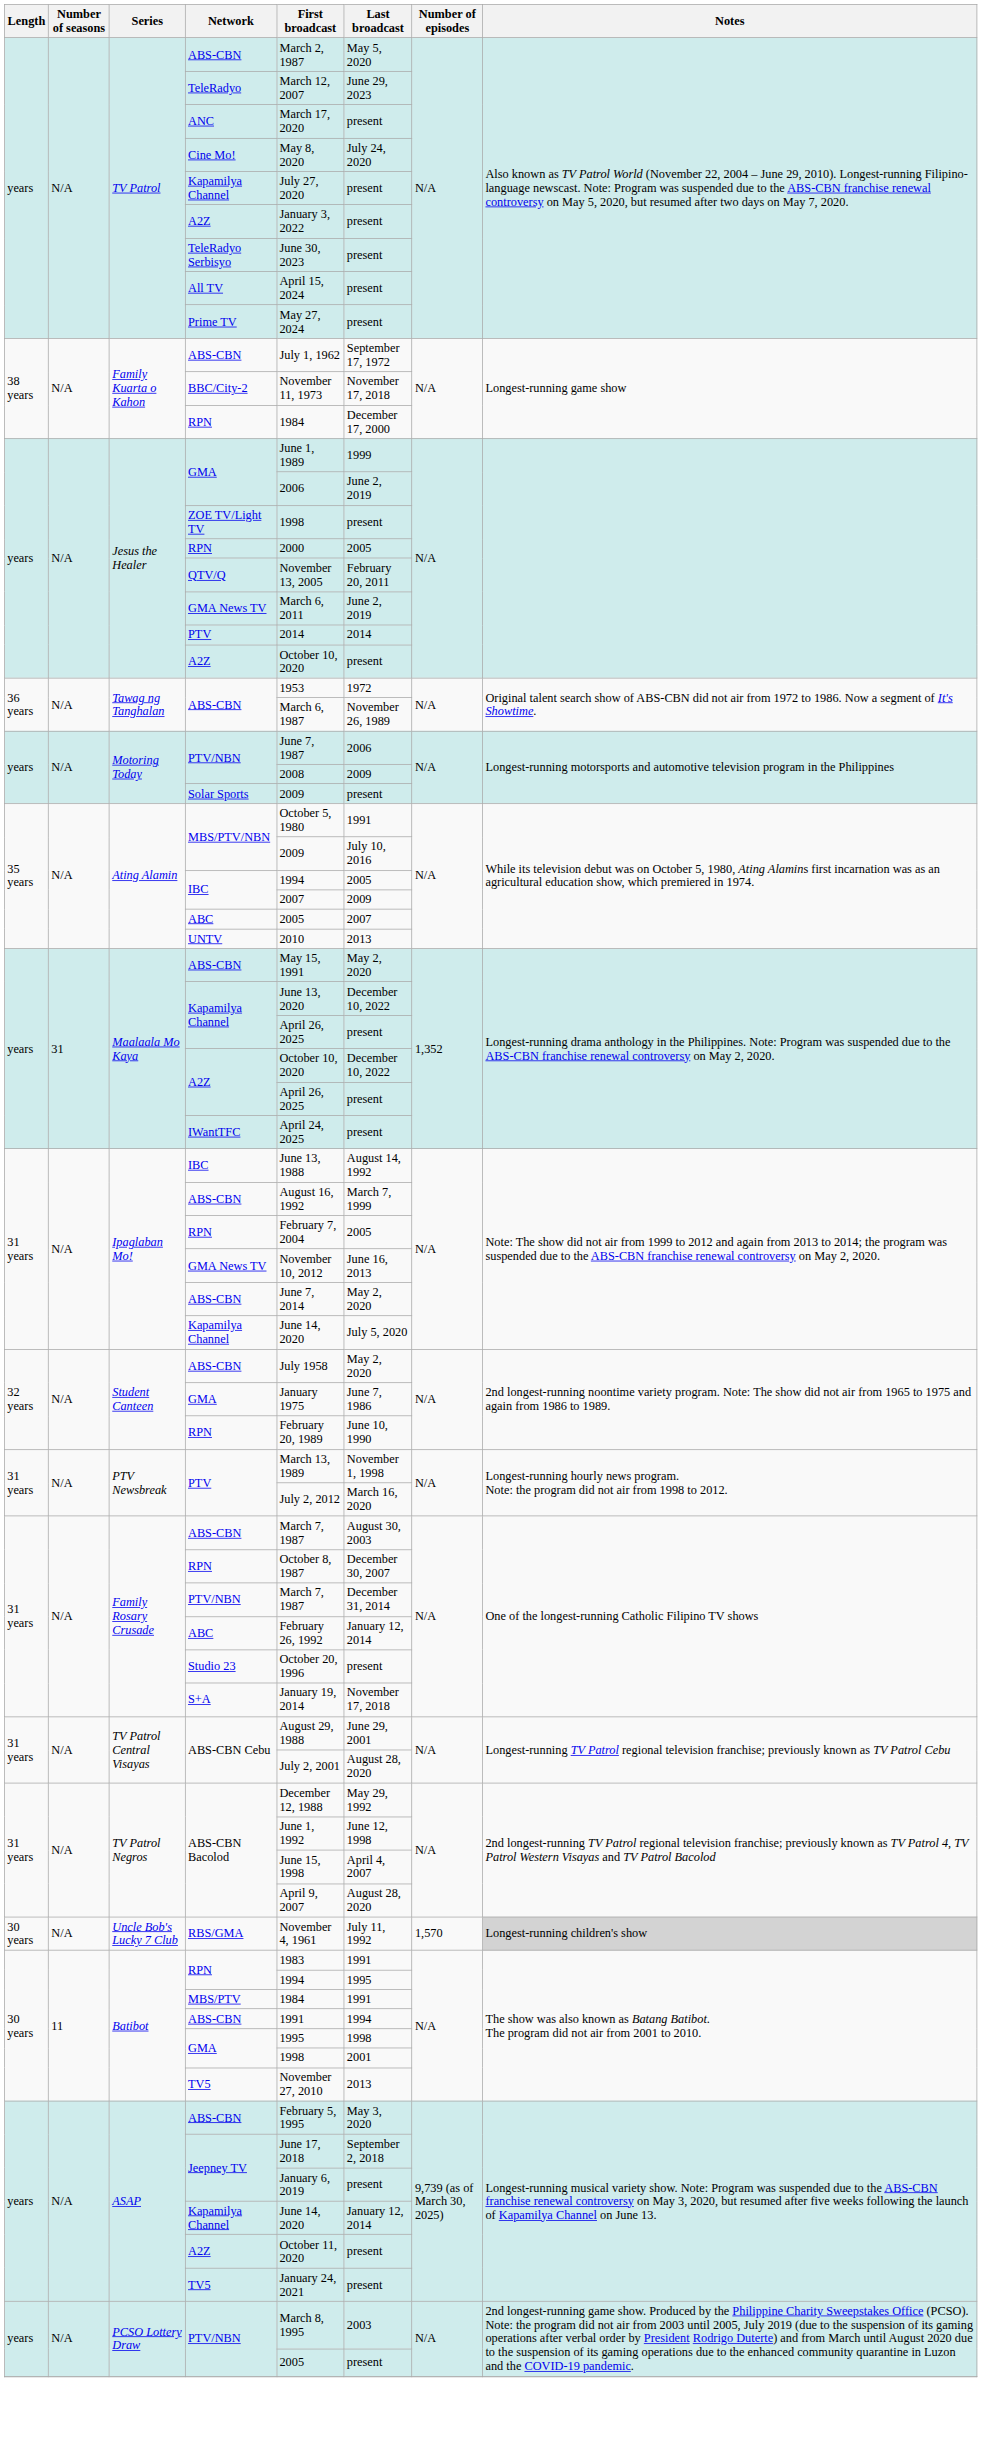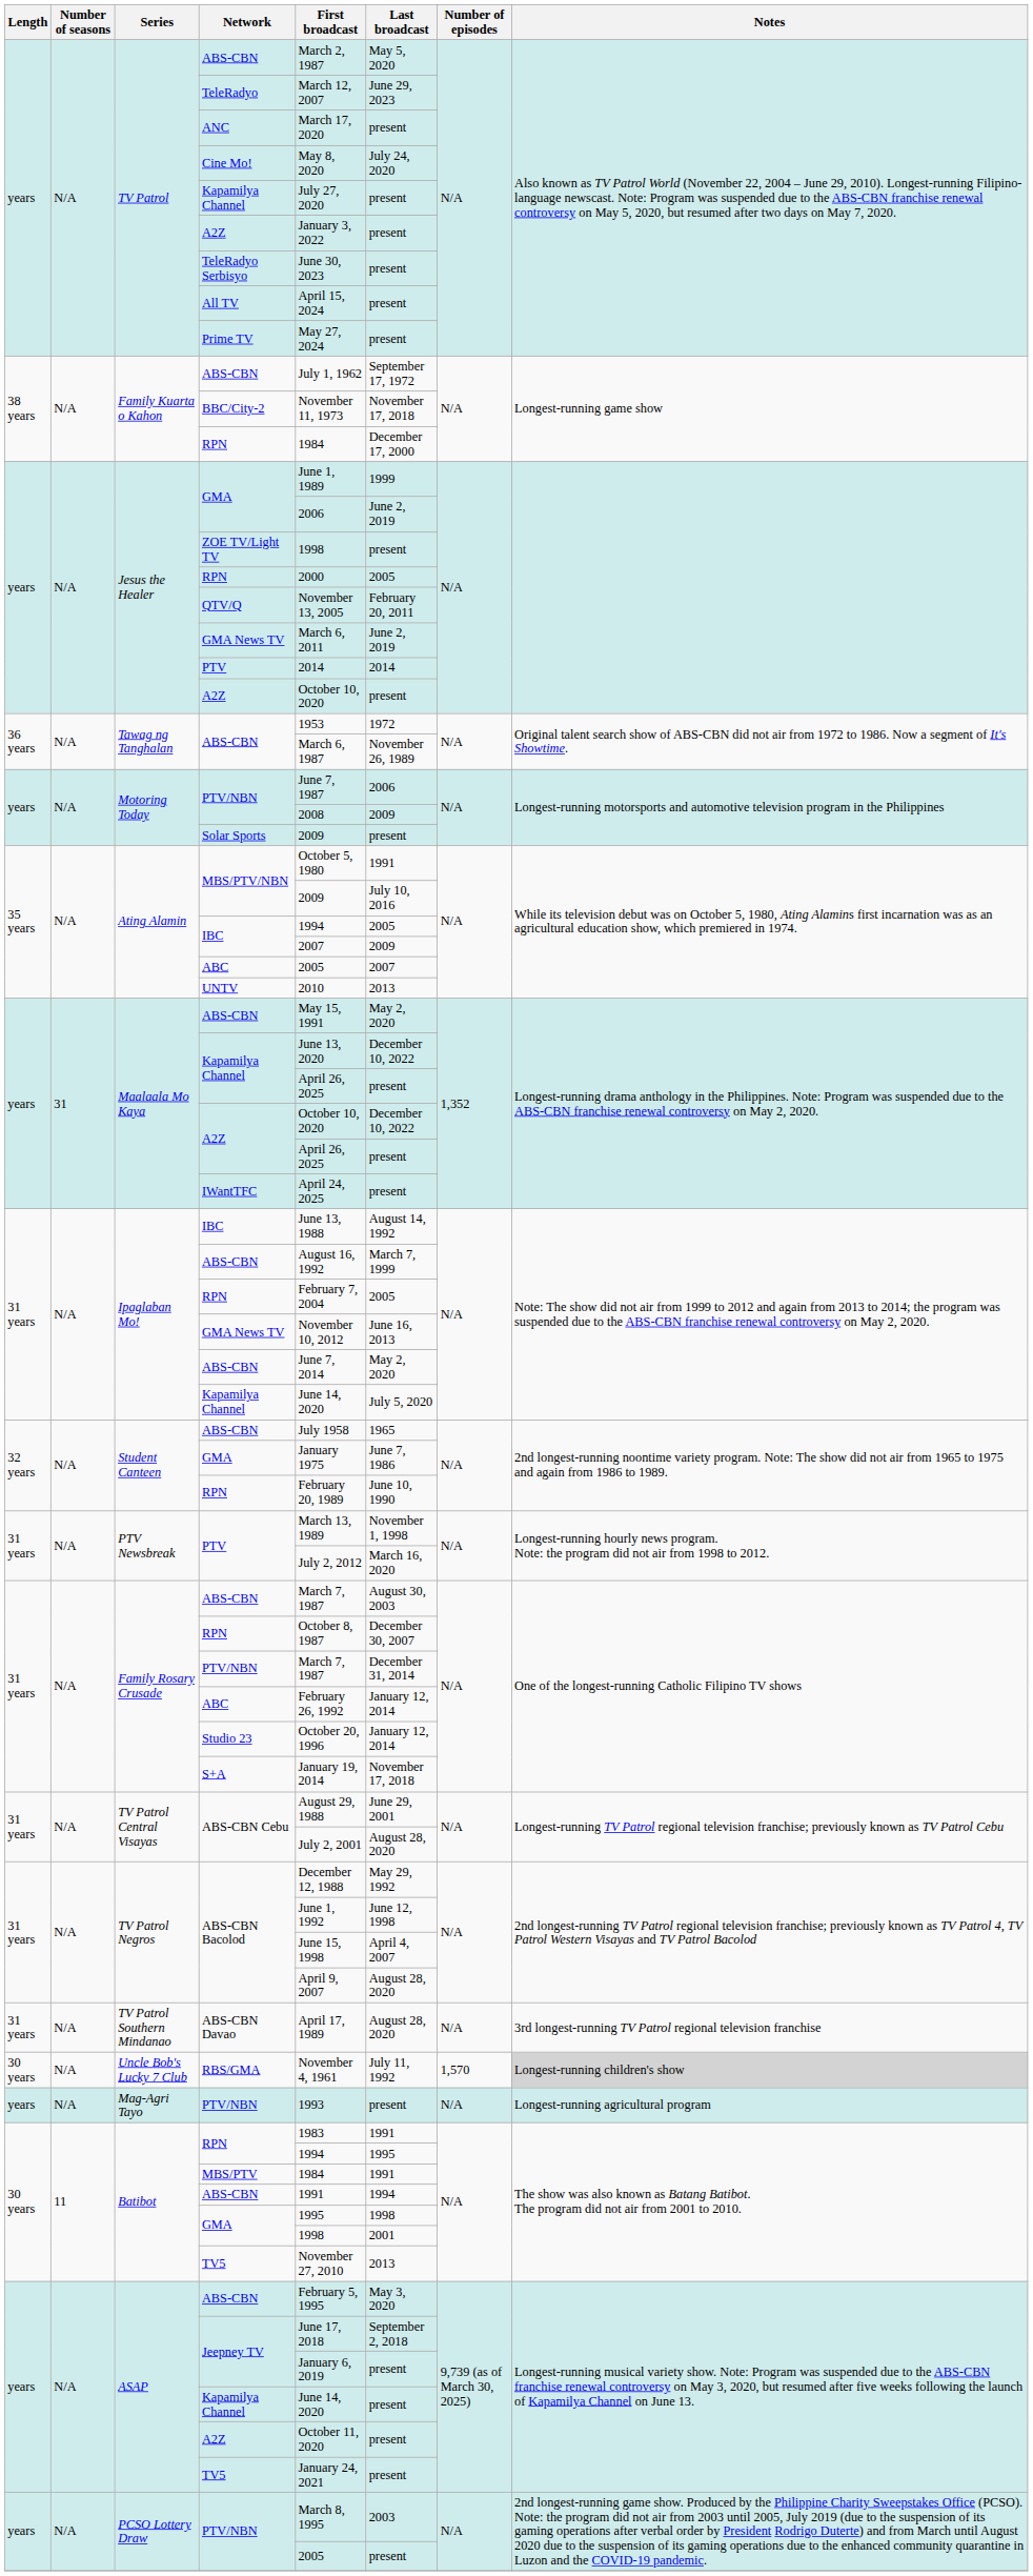 <table class="wikitable sortable" width="100%">
 <tr>
 <th>Length</th>
 <th>Number of seasons</th>
 <th>Series</th>
 <th>Network</th>
 <th>First broadcast</th>
 <th>Last broadcast</th>
 <th>Number of episodes</th>
 <th class="unsortable">Notes</th>
 </tr>
 <tr bgcolor="#cfecec">
 <td rowspan="9"> years</td>
 <td rowspan="9">N/A</td>
 <td rowspan="9"><em><a href='#'>TV Patrol</a></em></td>
 <td><a href='#'>ABS-CBN</a></td>
 <td>March 2, 1987</td>
 <td>May 5, 2020</td>
 <td rowspan="9">N/A</td>
 <td rowspan="9">Also known as <em>TV Patrol World</em> (November 22, 2004 – June 29, 2010). Longest-running Filipino-language newscast. Note: Program was suspended due to the <a href='#'>ABS-CBN franchise renewal controversy</a> on May 5, 2020, but resumed after two days on May 7, 2020.</td>
 </tr>
 <tr bgcolor="#cfecec">
 <td><a href='#'>TeleRadyo</a></td>
 <td>March 12, 2007</td>
 <td>June 29, 2023</td>
 </tr>
 <tr bgcolor="#cfecec">
 <td><a href='#'>ANC</a></td>
 <td>March 17, 2020</td>
 <td>present</td>
 </tr>
 <tr bgcolor="#cfecec">
 <td><a href='#'>Cine Mo!</a></td>
 <td>May 8, 2020</td>
 <td>July 24, 2020</td>
 </tr>
 <tr bgcolor="#cfecec">
 <td><a href='#'>Kapamilya Channel</a></td>
 <td>July 27, 2020</td>
 <td>present</td>
 </tr>
 <tr bgcolor="#cfecec">
 <td><a href='#'>A2Z</a></td>
 <td>January 3, 2022</td>
 <td>present</td>
 </tr>
 <tr bgcolor="#cfecec">
 <td><a href='#'>TeleRadyo Serbisyo</a></td>
 <td>June 30, 2023</td>
 <td>present</td>
 </tr>
 <tr bgcolor="cfecec">
 <td><a href='#'>All TV</a></td>
 <td>April 15, 2024</td>
 <td>present</td>
 </tr>
 <tr bgcolor="#cfecec">
 <td><a href='#'>Prime TV</a></td>
 <td>May 27, 2024</td>
 <td>present</td>
 </tr>
 <tr>
 <td rowspan="3">38 years</td>
 <td rowspan="3">N/A</td>
 <td rowspan="3"><em><a href='#'>Family Kuarta o Kahon</a></em></td>
 <td><a href='#'>ABS-CBN</a></td>
 <td>July 1, 1962</td>
 <td>September 17, 1972</td>
 <td rowspan="3">N/A</td>
 <td rowspan="3">Longest-running game show</td>
 </tr>
 <tr>
 <td><a href='#'>BBC/City-2</a></td>
 <td>November 11, 1973</td>
 <td>November 17, 2018</td>
 </tr>
 <tr>
 <td><a href='#'>RPN</a></td>
 <td>1984</td>
 <td>December 17, 2000</td>
 </tr>
 <tr bgcolor="#cfecec">
 <td rowspan="8"> years</td>
 <td rowspan="8">N/A</td>
 <td rowspan="8"><em>Jesus the Healer</em></td>
 <td rowspan="2"><a href='#'>GMA</a></td>
 <td>June 1, 1989</td>
 <td>1999</td>
 <td rowspan="8">N/A</td>
 <td rowspan="8"></td>
 </tr>
 <tr bgcolor="#cfecec">
 <td>2006</td>
 <td>June 2, 2019</td>
 </tr>
 <tr bgcolor="#cfecec">
 <td><a href='#'>ZOE TV/Light TV</a></td>
 <td>1998</td>
 <td>present</td>
 </tr>
 <tr bgcolor="#cfecec">
 <td><a href='#'>RPN</a></td>
 <td>2000</td>
 <td>2005</td>
 </tr>
 <tr bgcolor="#cfecec">
 <td><a href='#'>QTV/Q</a></td>
 <td>November 13, 2005</td>
 <td>February 20, 2011</td>
 </tr>
 <tr bgcolor="#cfecec">
 <td><a href='#'>GMA News TV</a></td>
 <td>March 6, 2011</td>
 <td>June 2, 2019</td>
 </tr>
 <tr bgcolor="#cfecec">
 <td><a href='#'>PTV</a></td>
 <td>2014</td>
 <td>2014</td>
 </tr>
 <tr bgcolor="#cfecec">
 <td><a href='#'>A2Z</a></td>
 <td>October 10, 2020</td>
 <td>present</td>
 </tr>
 <tr>
 <td rowspan="2">36 years</td>
 <td rowspan="2">N/A</td>
 <td rowspan="2"><em><a href='#'>Tawag ng Tanghalan</a></em></td>
 <td rowspan="2"><a href='#'>ABS-CBN</a></td>
 <td>1953</td>
 <td>1972</td>
 <td rowspan="2">N/A</td>
 <td rowspan="2">Original talent search show of ABS-CBN did not air from 1972 to 1986. Now a segment of <em><a href='#'>It's Showtime</a></em>.</td>
 </tr>
 <tr>
 <td>March 6, 1987</td>
 <td>November 26, 1989</td>
 </tr>
 <tr bgcolor="#cfecec">
 <td rowspan="3"> years</td>
 <td rowspan="3">N/A</td>
 <td rowspan="3"><em><a href='#'>Motoring Today</a></em></td>
 <td rowspan="2"><a href='#'>PTV/NBN</a></td>
 <td>June 7, 1987</td>
 <td>2006</td>
 <td rowspan="3">N/A</td>
 <td rowspan="3">Longest-running motorsports and automotive television program in the Philippines</td>
 </tr>
 <tr bgcolor="#cfecec">
 <td>2008</td>
 <td>2009</td>
 </tr>
 <tr bgcolor="#cfecec">
 <td><a href='#'>Solar Sports</a></td>
 <td>2009</td>
 <td>present</td>
 </tr>
 <tr>
 <td rowspan="6">35 years</td>
 <td rowspan="6">N/A</td>
 <td rowspan="6"><em><a href='#'>Ating Alamin</a></em></td>
 <td rowspan="2"><a href='#'>MBS/PTV/NBN</a></td>
 <td>October 5, 1980</td>
 <td>1991</td>
 <td rowspan="6">N/A</td>
 <td rowspan="6">While its television debut was on October 5, 1980, <em>Ating Alamin</em>s first incarnation was as an agricultural education show, which premiered in 1974.</td>
 </tr>
 <tr>
 <td>2009</td>
 <td>July 10, 2016</td>
 </tr>
 <tr>
 <td rowspan="2"><a href='#'>IBC</a></td>
 <td>1994</td>
 <td>2005</td>
 </tr>
 <tr>
 <td>2007</td>
 <td>2009</td>
 </tr>
 <tr>
 <td><a href='#'>ABC</a></td>
 <td>2005</td>
 <td>2007</td>
 </tr>
 <tr>
 <td><a href='#'>UNTV</a></td>
 <td>2010</td>
 <td>2013</td>
 </tr>
 <tr bgcolor="#cfecec">
 <td rowspan="6"> years</td>
 <td rowspan="6">31</td>
 <td rowspan="6"><em><a href='#'>Maalaala Mo Kaya</a></em></td>
 <td><a href='#'>ABS-CBN</a></td>
 <td>May 15, 1991</td>
 <td>May 2, 2020</td>
 <td rowspan="6">1,352</td>
 <td rowspan="6">Longest-running drama anthology in the Philippines. Note: Program was suspended due to the <a href='#'>ABS-CBN franchise renewal controversy</a> on May 2, 2020.</td>
 </tr>
 <tr bgcolor="#cfecec">
 <td rowspan="2"><a href='#'>Kapamilya Channel</a></td>
 <td>June 13, 2020</td>
 <td>December 10, 2022</td>
 </tr>
 <tr bgcolor="#cfecec">
 <td>April 26, 2025</td>
 <td>present</td>
 </tr>
 <tr bgcolor="#cfecec">
 <td rowspan="2"><a href='#'>A2Z</a></td>
 <td>October 10, 2020</td>
 <td>December 10, 2022</td>
 </tr>
 <tr bgcolor="#cfecec">
 <td>April 26, 2025</td>
 <td>present</td>
 </tr>
 <tr bgcolor="#cfecec">
 <td><a href='#'>IWantTFC</a></td>
 <td>April 24, 2025</td>
 <td>present</td>
 </tr>
 <tr>
 <td rowspan="6">31 years</td>
 <td rowspan="6">N/A</td>
 <td rowspan="6"><em><a href='#'>Ipaglaban Mo!</a></em></td>
 <td><a href='#'>IBC</a></td>
 <td>June 13, 1988</td>
 <td>August 14, 1992</td>
 <td rowspan="6">N/A</td>
 <td rowspan="6">Note: The show did not air from 1999 to 2012 and again from 2013 to 2014; the program was suspended due to the <a href='#'>ABS-CBN franchise renewal controversy</a> on May 2, 2020.</td>
 </tr>
 <tr>
 <td><a href='#'>ABS-CBN</a></td>
 <td>August 16, 1992</td>
 <td>March 7, 1999</td>
 </tr>
 <tr>
 <td><a href='#'>RPN</a></td>
 <td>February 7, 2004</td>
 <td>2005</td>
 </tr>
 <tr>
 <td><a href='#'>GMA News TV</a></td>
 <td>November 10, 2012</td>
 <td>June 16, 2013</td>
 </tr>
 <tr>
 <td><a href='#'>ABS-CBN</a></td>
 <td>June 7, 2014</td>
 <td>May 2, 2020</td>
 </tr>
 <tr>
 <td><a href='#'>Kapamilya Channel</a></td>
 <td>June 14, 2020</td>
 <td>July 5, 2020</td>
 </tr>
 <tr>
 <td rowspan="3">32 years</td>
 <td rowspan="3">N/A</td>
 <td rowspan="3"><em><a href='#'>Student Canteen</a></em></td>
 <td><a href='#'>ABS-CBN</a></td>
 <td>July 1958</td>
-<td>May 2, 2020</td>
+<td>1965</td>
 <td rowspan="3">N/A</td>
 <td rowspan="3">2nd longest-running noontime variety program. Note: The show did not air from 1965 to 1975 and again from 1986 to 1989.</td>
 </tr>
 <tr>
 <td><a href='#'>GMA</a></td>
 <td>January 1975</td>
 <td>June 7, 1986</td>
 </tr>
 <tr>
 <td><a href='#'>RPN</a></td>
 <td>February 20, 1989</td>
 <td>June 10, 1990</td>
 </tr>
 <tr>
 <td rowspan="2">31 years</td>
 <td rowspan="2">N/A</td>
 <td rowspan="2"><em>PTV Newsbreak</em></td>
 <td rowspan="2"><a href='#'>PTV</a></td>
 <td>March 13, 1989</td>
 <td>November 1, 1998</td>
 <td rowspan="2">N/A</td>
 <td rowspan="2">Longest-running hourly news program. <br> Note: the program did not air from 1998 to 2012.</td>
 </tr>
 <tr>
 <td>July 2, 2012</td>
 <td>March 16, 2020</td>
 </tr>
 <tr>
 <td rowspan="6">31 years</td>
 <td rowspan="6">N/A</td>
 <td rowspan="6"><em><a href='#'>Family Rosary Crusade</a></em></td>
 <td><a href='#'>ABS-CBN</a></td>
 <td>March 7, 1987</td>
 <td>August 30, 2003</td>
 <td rowspan="6">N/A</td>
 <td rowspan="6">One of the longest-running Catholic Filipino TV shows</td>
 </tr>
 <tr>
 <td><a href='#'>RPN</a></td>
 <td>October 8, 1987</td>
 <td>December 30, 2007</td>
 </tr>
 <tr>
 <td><a href='#'>PTV/NBN</a></td>
 <td>March 7, 1987</td>
 <td>December 31, 2014</td>
 </tr>
 <tr>
 <td><a href='#'>ABC</a></td>
 <td>February 26, 1992</td>
 <td>January 12, 2014</td>
 </tr>
 <tr>
 <td><a href='#'>Studio 23</a></td>
 <td>October 20, 1996</td>
-<td>present</td>
+<td>January 12, 2014</td>
 </tr>
 <tr>
 <td><a href='#'>S+A</a></td>
 <td>January 19, 2014</td>
 <td>November 17, 2018</td>
 </tr>
 <tr>
 <td rowspan="2">31 years</td>
 <td rowspan="2">N/A</td>
 <td rowspan="2"><em>TV Patrol Central Visayas</em></td>
 <td rowspan="2">ABS-CBN Cebu</td>
 <td>August 29, 1988</td>
 <td>June 29, 2001</td>
 <td rowspan="2">N/A</td>
 <td rowspan="2">Longest-running <em><a href='#'>TV Patrol</a></em> regional television franchise; previously known as <em>TV Patrol Cebu</em></td>
 </tr>
 <tr>
 <td>July 2, 2001</td>
 <td>August 28, 2020</td>
 </tr>
 <tr>
 <td rowspan="4">31 years</td>
 <td rowspan="4">N/A</td>
 <td rowspan="4"><em>TV Patrol Negros</em></td>
 <td rowspan="4">ABS-CBN Bacolod</td>
 <td>December 12, 1988</td>
 <td>May 29, 1992</td>
 <td rowspan="4">N/A</td>
 <td rowspan="4">2nd longest-running <em>TV Patrol</em> regional television franchise; previously known as <em>TV Patrol 4</em>, <em>TV Patrol Western Visayas</em> and <em>TV Patrol Bacolod</em></td>
 </tr>
 <tr>
 <td>June 1, 1992</td>
 <td>June 12, 1998</td>
 </tr>
 <tr>
 <td>June 15, 1998</td>
 <td>April 4, 2007</td>
 </tr>
 <tr>
 <td>April 9, 2007</td>
 <td>August 28, 2020</td>
 </tr>
 <tr>
+<td>31 years</td>
+<td>N/A</td>
+<td><em>TV Patrol Southern Mindanao</em></td>
+<td>ABS-CBN Davao</td>
+<td>April 17, 1989</td>
+<td>August 28, 2020</td>
+<td>N/A</td>
+<td>3rd longest-running <em>TV Patrol</em> regional television franchise</td>
+</tr>
+<tr>
 <td>30 years</td>
 <td>N/A</td>
 <td><em><a href='#'>Uncle Bob's Lucky 7 Club</a></em></td>
 <td><a href='#'>RBS/GMA</a></td>
 <td>November 4, 1961</td>
 <td>July 11, 1992</td>
 <td>1,570</td>
 <td style="background: lightgrey;">Longest-running children's show</td>
+</tr>
+<tr bgcolor="#cfecec">
+<td> years</td>
+<td>N/A</td>
+<td><em>Mag-Agri Tayo</em></td>
+<td><a href='#'>PTV/NBN</a></td>
+<td>1993</td>
+<td>present</td>
+<td>N/A</td>
+<td>Longest-running agricultural program</td>
 </tr>
 <tr>
 <td rowspan="7">30 years</td>
 <td rowspan="7">11</td>
 <td rowspan="7"><em><a href='#'>Batibot</a></em></td>
 <td rowspan="2"><a href='#'>RPN</a></td>
 <td>1983</td>
 <td>1991</td>
 <td rowspan="7">N/A</td>
 <td rowspan="7">The show was also known as <em>Batang Batibot</em>.<br> The program did not air from 2001 to 2010.</td>
 </tr>
 <tr>
 <td>1994</td>
 <td>1995</td>
 </tr>
 <tr>
 <td><a href='#'>MBS/PTV</a></td>
 <td>1984</td>
 <td>1991</td>
 </tr>
 <tr>
 <td><a href='#'>ABS-CBN</a></td>
 <td>1991</td>
 <td>1994</td>
 </tr>
 <tr>
 <td rowspan="2"><a href='#'>GMA</a></td>
 <td>1995</td>
 <td>1998</td>
 </tr>
 <tr>
 <td>1998</td>
 <td>2001</td>
 </tr>
 <tr>
 <td><a href='#'>TV5</a></td>
 <td>November 27, 2010</td>
 <td>2013</td>
 </tr>
 <tr bgcolor="#cfecec">
 <td rowspan="6"> years</td>
 <td rowspan="6">N/A</td>
 <td rowspan="6"><em><a href='#'>ASAP</a></em></td>
 <td><a href='#'>ABS-CBN</a></td>
 <td>February 5, 1995</td>
 <td>May 3, 2020</td>
 <td rowspan="6">9,739 (as of March 30, 2025)</td>
 <td rowspan="6">Longest-running musical variety show. Note: Program was suspended due to the <a href='#'>ABS-CBN franchise renewal controversy</a> on May 3, 2020, but resumed after five weeks following the launch of <a href='#'>Kapamilya Channel</a> on June 13.</td>
 </tr>
 <tr bgcolor="#cfecec">
 <td rowspan="2"><a href='#'>Jeepney TV</a></td>
 <td>June 17, 2018</td>
 <td>September 2, 2018</td>
 </tr>
 <tr bgcolor="#cfecec">
 <td>January 6, 2019</td>
 <td>present</td>
 </tr>
 <tr bgcolor="#cfecec">
 <td><a href='#'>Kapamilya Channel</a></td>
 <td>June 14, 2020</td>
-<td>January 12, 2014</td>
+<td>present</td>
 </tr>
 <tr bgcolor="#cfecec">
 <td><a href='#'>A2Z</a></td>
 <td>October 11, 2020</td>
 <td>present</td>
 </tr>
 <tr bgcolor="#cfecec">
 <td><a href='#'>TV5</a></td>
 <td>January 24, 2021</td>
 <td>present</td>
 </tr>
 <tr bgcolor="#cfecec">
 <td rowspan="2"> years</td>
 <td rowspan="2">N/A</td>
 <td rowspan="2"><em><a href='#'>PCSO Lottery Draw</a></em></td>
 <td rowspan="2"><a href='#'>PTV/NBN</a></td>
 <td>March 8, 1995</td>
 <td>2003</td>
 <td rowspan="2">N/A</td>
 <td rowspan="2">2nd longest-running game show. Produced by the <a href='#'>Philippine Charity Sweepstakes Office</a> (PCSO). Note: the program did not air from 2003 until 2005, July 2019 (due to the suspension of its gaming operations after verbal order by <a href='#'>President</a> <a href='#'>Rodrigo Duterte</a>) and from March until August 2020 due to the suspension of its gaming operations due to the enhanced community quarantine in Luzon and the <a href='#'>COVID-19 pandemic</a>.</td>
 </tr>
 <tr bgcolor="#cfecec">
 <td>2005</td>
 <td>present</td>
 </tr>
 <tr>
 </tr>
 </table>
